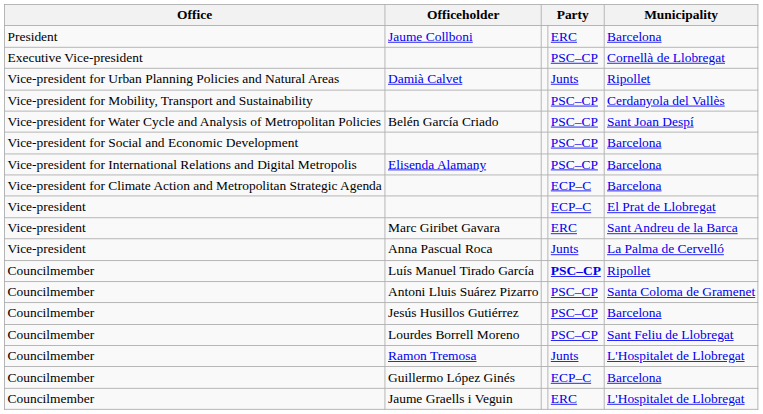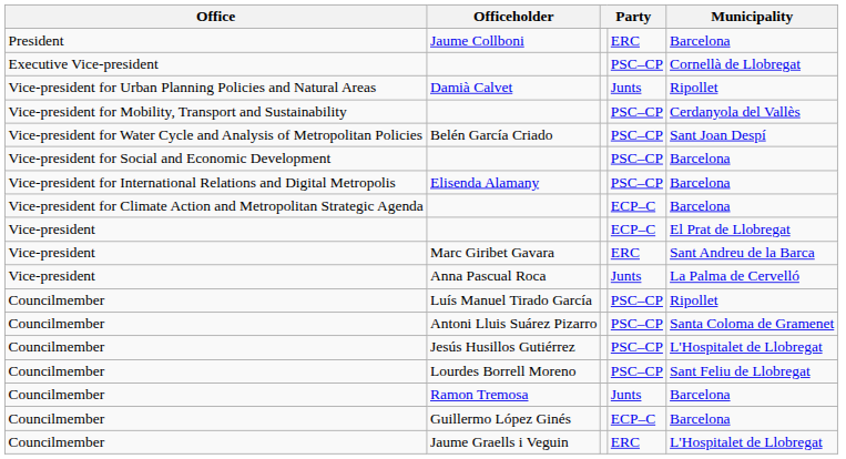 <table class="wikitable sortable">
 <tr>
 <th>Office</th>
 <th>Officeholder</th>
 <th colspan="2">Party</th>
 <th>Municipality</th>
 </tr>
 <tr>
 <td>President</td>
 <td><a href='#'>Jaume Collboni</a></td>
 <td style="background:"></td>
 <td><a href='#'>ERC</a></td>
 <td><a href='#'>Barcelona</a></td>
 </tr>
 <tr>
 <td>Executive Vice-president</td>
 <td></td>
 <td style="background:"></td>
 <td><a href='#'>PSC–CP</a></td>
 <td><a href='#'>Cornellà de Llobregat</a></td>
 </tr>
 <tr>
 <td>Vice-president for Urban Planning Policies and Natural Areas</td>
 <td><a href='#'>Damià Calvet</a></td>
 <td style="background:"></td>
 <td><a href='#'>Junts</a></td>
 <td><a href='#'>Ripollet</a></td>
 </tr>
 <tr>
 <td>Vice-president for Mobility, Transport and Sustainability</td>
 <td></td>
 <td style="background:"></td>
 <td><a href='#'>PSC–CP</a></td>
 <td><a href='#'>Cerdanyola del Vallès</a></td>
 </tr>
 <tr>
 <td>Vice-president for Water Cycle and Analysis of Metropolitan Policies</td>
 <td>Belén García Criado</td>
 <td style="background:"></td>
 <td><a href='#'>PSC–CP</a></td>
 <td><a href='#'>Sant Joan Despí</a></td>
 </tr>
 <tr>
 <td>Vice-president for Social and Economic Development</td>
 <td></td>
 <td style="background:"></td>
 <td><a href='#'>PSC–CP</a></td>
 <td><a href='#'>Barcelona</a></td>
 </tr>
 <tr>
 <td>Vice-president for International Relations and Digital Metropolis</td>
 <td><a href='#'>Elisenda Alamany</a></td>
 <td style="background:"></td>
 <td><a href='#'>PSC–CP</a></td>
 <td><a href='#'>Barcelona</a></td>
 </tr>
 <tr>
 <td>Vice-president for Climate Action and Metropolitan Strategic Agenda</td>
 <td></td>
 <td style="background:"></td>
 <td><a href='#'>ECP–C</a></td>
 <td><a href='#'>Barcelona</a></td>
 </tr>
 <tr>
 <td>Vice-president</td>
 <td></td>
 <td style="background:"></td>
 <td><a href='#'>ECP–C</a></td>
 <td><a href='#'>El Prat de Llobregat</a></td>
 </tr>
 <tr>
 <td>Vice-president</td>
 <td>Marc Giribet Gavara</td>
 <td style="background:"></td>
 <td><a href='#'>ERC</a></td>
 <td><a href='#'>Sant Andreu de la Barca</a></td>
 </tr>
 <tr>
 <td>Vice-president</td>
 <td>Anna Pascual Roca</td>
 <td style="background:"></td>
 <td><a href='#'>Junts</a></td>
 <td><a href='#'>La Palma de Cervelló</a></td>
 </tr>
 <tr>
 <td>Councilmember</td>
 <td>Luís Manuel Tirado García</td>
 <td style="background:"></td>
-<td><strong><a href='#'>PSC–CP</a></strong></td>
+<td><a href='#'>PSC–CP</a></td>
 <td><a href='#'>Ripollet</a></td>
 </tr>
 <tr>
 <td>Councilmember</td>
 <td>Antoni Lluis Suárez Pizarro</td>
 <td style="background:"></td>
 <td><a href='#'>PSC–CP</a></td>
 <td><a href='#'>Santa Coloma de Gramenet</a></td>
 </tr>
 <tr>
 <td>Councilmember</td>
 <td>Jesús Husillos Gutiérrez</td>
 <td style="background:"></td>
 <td><a href='#'>PSC–CP</a></td>
-<td><a href='#'>Barcelona</a></td>
+<td><a href='#'>L'Hospitalet de Llobregat</a></td>
 </tr>
 <tr>
 <td>Councilmember</td>
 <td>Lourdes Borrell Moreno</td>
 <td style="background:"></td>
 <td><a href='#'>PSC–CP</a></td>
 <td><a href='#'>Sant Feliu de Llobregat</a></td>
 </tr>
 <tr>
 <td>Councilmember</td>
 <td><a href='#'>Ramon Tremosa</a></td>
 <td style="background:"></td>
 <td><a href='#'>Junts</a></td>
-<td><a href='#'>L'Hospitalet de Llobregat</a></td>
+<td><a href='#'>Barcelona</a></td>
 </tr>
 <tr>
 <td>Councilmember</td>
 <td>Guillermo López Ginés</td>
 <td style="background:"></td>
 <td><a href='#'>ECP–C</a></td>
 <td><a href='#'>Barcelona</a></td>
 </tr>
 <tr>
 <td>Councilmember</td>
 <td>Jaume Graells i Veguin</td>
 <td style="background:"></td>
 <td><a href='#'>ERC</a></td>
 <td><a href='#'>L'Hospitalet de Llobregat</a></td>
 </tr>
 </table>
